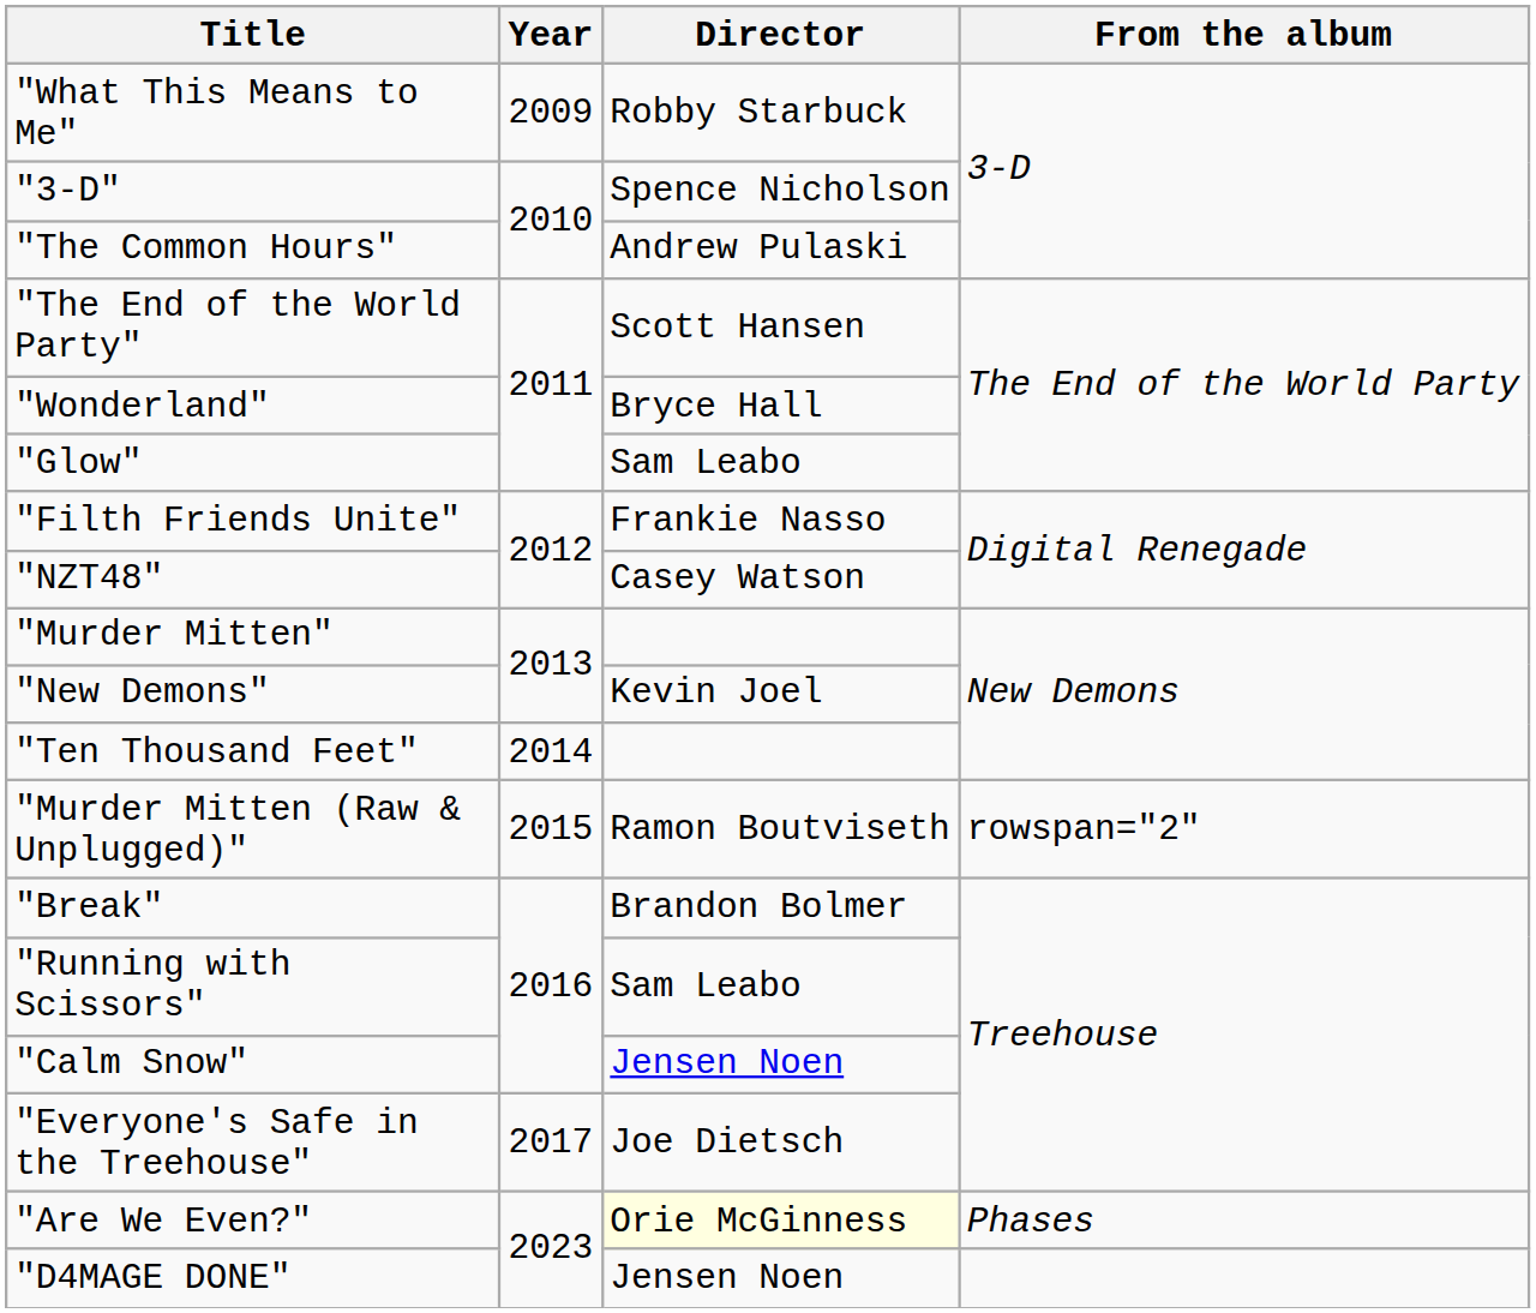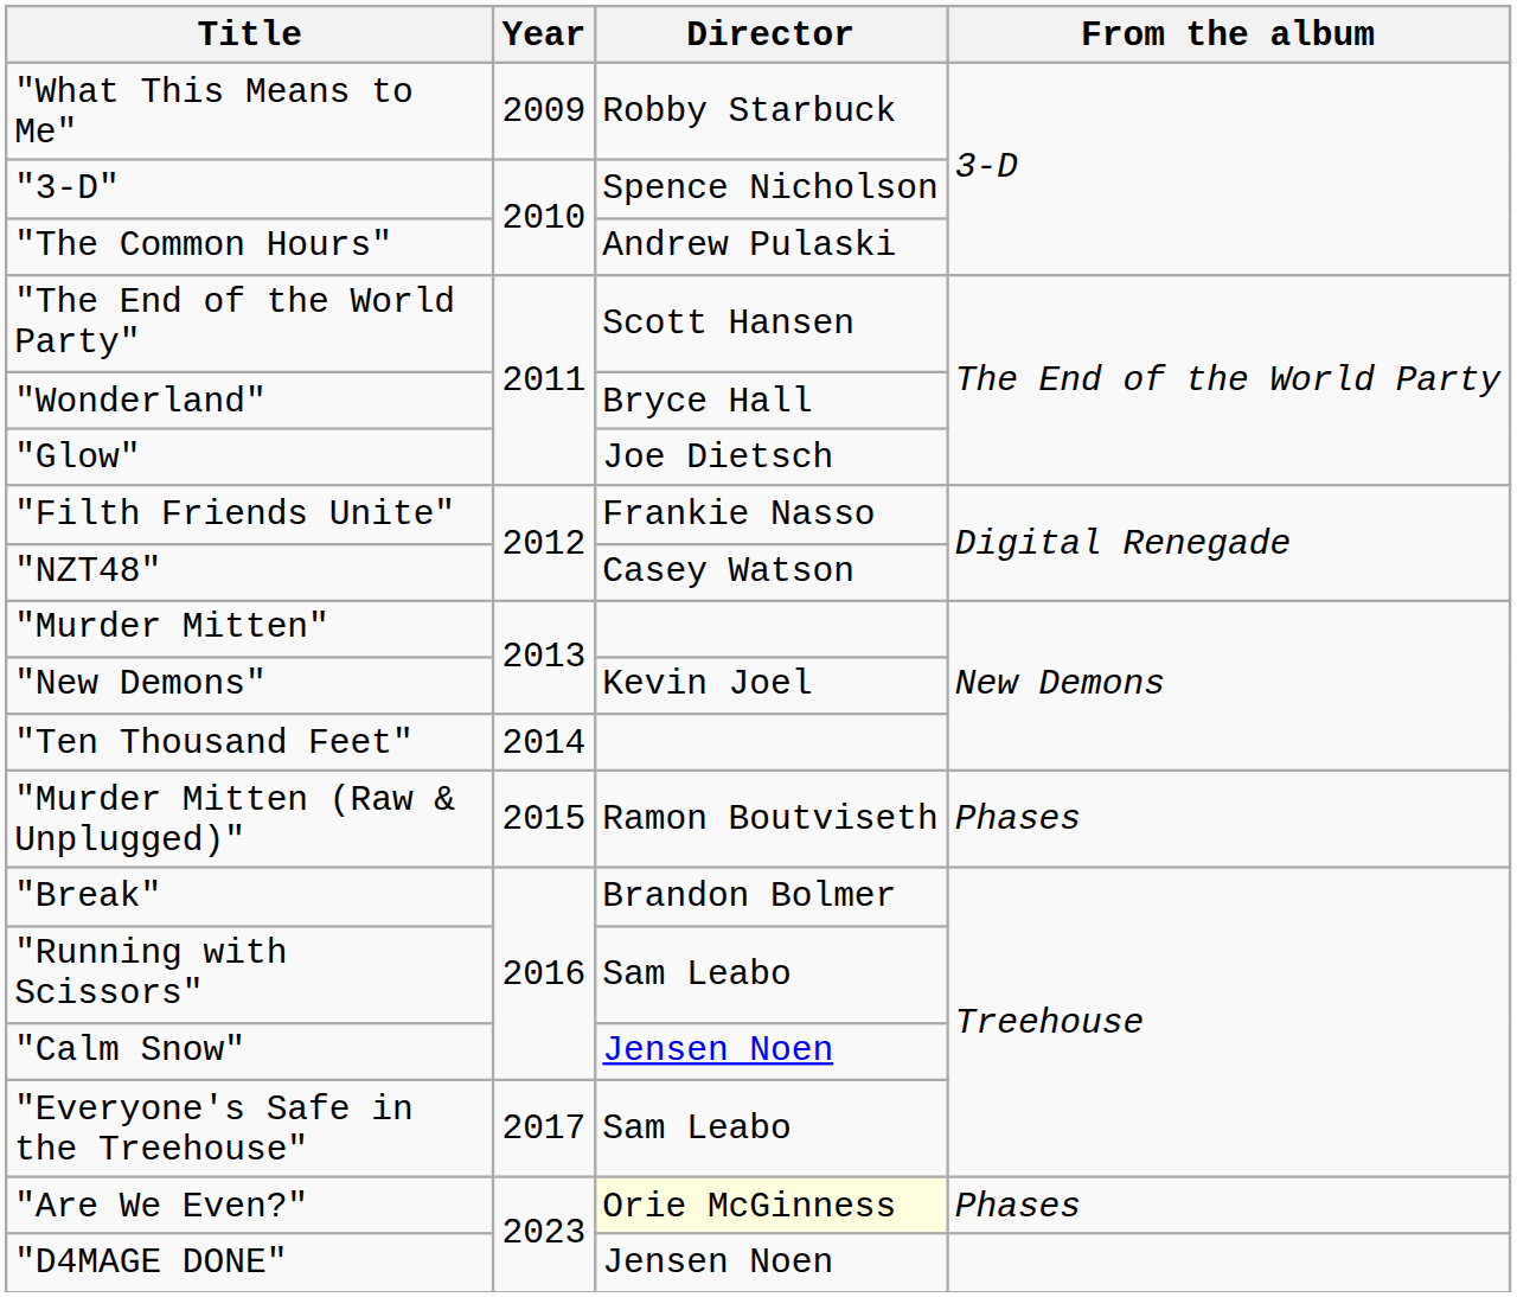 <table class="wikitable">
 <tr>
 <th style="width:175px;">Title</th>
 <th>Year</th>
 <th>Director</th>
 <th>From the album</th>
 </tr>
 <tr>
 <td>"What This Means to Me"</td>
 <td>2009</td>
 <td>Robby Starbuck</td>
 <td rowspan="3"><em>3-D</em></td>
 </tr>
 <tr>
 <td>"3-D"</td>
 <td rowspan="2">2010</td>
 <td>Spence Nicholson</td>
 </tr>
 <tr>
 <td>"The Common Hours"</td>
 <td>Andrew Pulaski</td>
 </tr>
 <tr>
 <td>"The End of the World Party"</td>
 <td rowspan="3">2011</td>
 <td>Scott Hansen</td>
 <td rowspan="3"><em>The End of the World Party</em></td>
 </tr>
 <tr>
 <td>"Wonderland"</td>
 <td>Bryce Hall</td>
 </tr>
 <tr>
 <td>"Glow"</td>
-<td>Sam Leabo</td>
+<td>Joe Dietsch</td>
 </tr>
 <tr>
 <td>"Filth Friends Unite"</td>
 <td rowspan="2">2012</td>
 <td>Frankie Nasso</td>
 <td rowspan="2"><em>Digital Renegade</em></td>
 </tr>
 <tr>
 <td>"NZT48"</td>
 <td>Casey Watson</td>
 </tr>
 <tr>
 <td>"Murder Mitten"</td>
 <td rowspan="2">2013</td>
 <td></td>
 <td rowspan="3"><em>New Demons</em></td>
 </tr>
 <tr>
 <td>"New Demons"</td>
 <td>Kevin Joel</td>
 </tr>
 <tr>
 <td>"Ten Thousand Feet"</td>
 <td>2014</td>
 </tr>
 <tr>
 <td>"Murder Mitten (Raw & Unplugged)"</td>
 <td>2015</td>
 <td>Ramon Boutviseth</td>
-<td>rowspan="2" </td>
+<td><em>Phases</em></td>
 </tr>
 <tr>
 <td>"Break"</td>
 <td rowspan="3">2016</td>
 <td>Brandon Bolmer</td>
 <td rowspan="4"><em>Treehouse</em></td>
 </tr>
 <tr>
 <td>"Running with Scissors"</td>
 <td>Sam Leabo</td>
 </tr>
 <tr>
 <td>"Calm Snow"</td>
 <td><a href='#'>Jensen Noen</a></td>
 </tr>
 <tr>
 <td>"Everyone's Safe in the Treehouse"</td>
 <td>2017</td>
-<td>Joe Dietsch</td>
+<td>Sam Leabo</td>
 </tr>
 <tr>
 <td>"Are We Even?"</td>
 <td rowspan="2">2023</td>
 <td style="background: lightyellow;">Orie McGinness</td>
 <td><em>Phases</em></td>
 </tr>
 <tr>
 <td>"D4MAGE DONE"</td>
 <td>Jensen Noen</td>
 </tr>
 </table>
